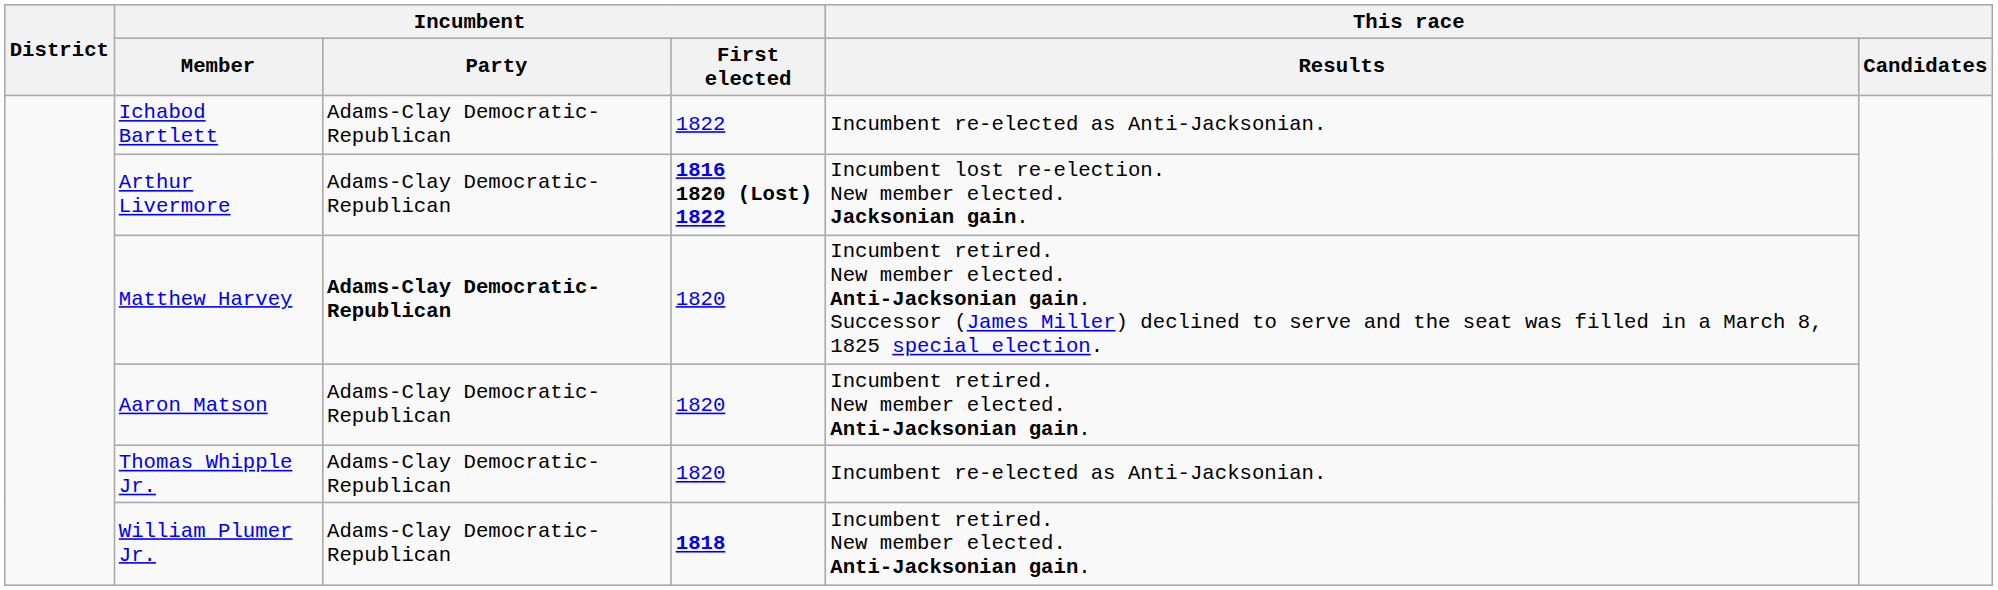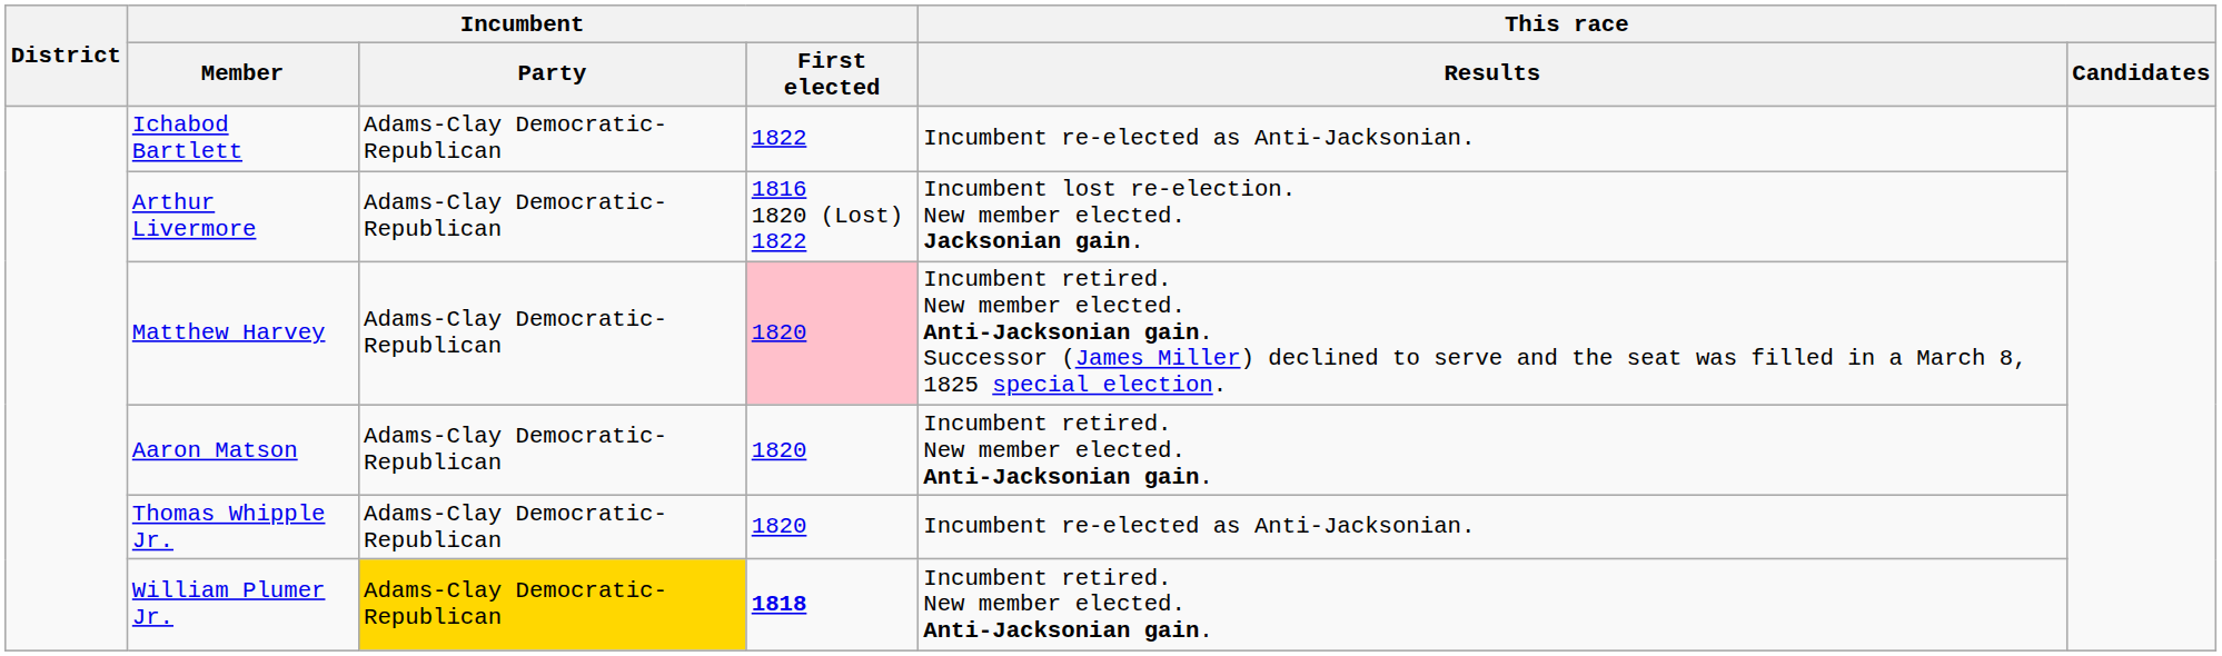 <table class=wikitable>
 <tr>
 <th rowspan=2>District</th>
 <th colspan=3>Incumbent</th>
 <th colspan=2>This race</th>
 </tr>
 <tr>
 <th>Member</th>
 <th>Party</th>
 <th>First elected</th>
 <th>Results</th>
 <th>Candidates</th>
 </tr>
 <tr>
 <td rowspan=6><br></td>
 <td><a href='#'>Ichabod Bartlett</a></td>
 <td>Adams-Clay Democratic-Republican</td>
 <td><a href='#'>1822</a></td>
 <td>Incumbent re-elected as Anti-Jacksonian.</td>
 <td nowrap rowspan=6><strong></strong><br><br><strong></strong><br></td>
 </tr>
 <tr>
 <td><a href='#'>Arthur Livermore</a></td>
 <td>Adams-Clay Democratic-Republican</td>
-<td><strong><a href='#'>1816</a><br>1820 (Lost)<br><a href='#'>1822</a></strong></td>
+<td><a href='#'>1816</a><br>1820 (Lost)<br><a href='#'>1822</a></td>
 <td>Incumbent lost re-election.<br>New member elected.<br><strong>Jacksonian gain</strong>.</td>
 </tr>
 <tr>
 <td><a href='#'>Matthew Harvey</a></td>
-<td><strong>Adams-Clay Democratic-Republican</strong></td>
-<td><a href='#'>1820</a></td>
+<td>Adams-Clay Democratic-Republican</td>
+<td style="background: pink;"><a href='#'>1820</a></td>
 <td>Incumbent retired.<br>New member elected.<br><strong>Anti-Jacksonian gain</strong>.<br>Successor (<a href='#'>James Miller</a>) declined to serve and the seat was filled in a March 8, 1825 <a href='#'>special election</a>.</td>
 </tr>
 <tr>
 <td><a href='#'>Aaron Matson</a></td>
 <td>Adams-Clay Democratic-Republican</td>
 <td><a href='#'>1820</a></td>
 <td>Incumbent retired.<br>New member elected.<br><strong>Anti-Jacksonian gain</strong>.</td>
 </tr>
 <tr>
 <td><a href='#'>Thomas Whipple Jr.</a></td>
 <td>Adams-Clay Democratic-Republican</td>
 <td><a href='#'>1820</a></td>
 <td>Incumbent re-elected as Anti-Jacksonian.</td>
 </tr>
 <tr>
 <td><a href='#'>William Plumer Jr.</a></td>
-<td>Adams-Clay Democratic-Republican</td>
+<td style="background: gold;">Adams-Clay Democratic-Republican</td>
 <td><strong><a href='#'>1818</a></strong></td>
 <td>Incumbent retired.<br>New member elected.<br><strong>Anti-Jacksonian gain</strong>.</td>
 </tr>
 </table>
